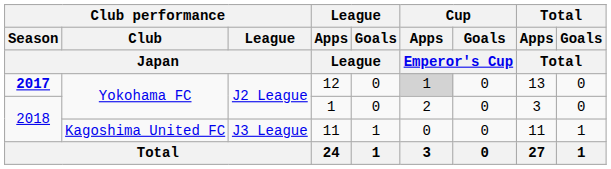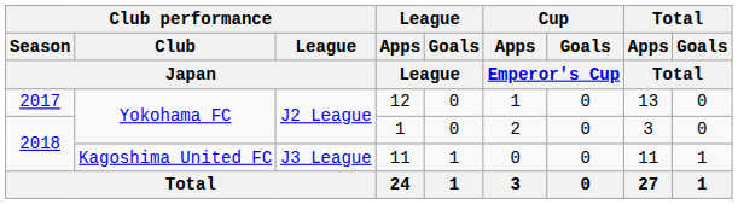 <table class="wikitable" style="text-align:center;">
 <tr>
 <th colspan=3>Club performance</th>
 <th colspan=2>League</th>
 <th colspan=2>Cup</th>
 <th colspan=2>Total</th>
 </tr>
 <tr>
 <th>Season</th>
 <th>Club</th>
 <th>League</th>
 <th>Apps</th>
 <th>Goals</th>
 <th>Apps</th>
 <th>Goals</th>
 <th>Apps</th>
 <th>Goals</th>
 </tr>
 <tr>
 <th colspan=3>Japan</th>
 <th colspan=2>League</th>
 <th colspan=2><a href='#'>Emperor's Cup</a></th>
 <th colspan=2>Total</th>
 </tr>
 <tr>
-<td><strong><a href='#'>2017</a></strong></td>
+<td><a href='#'>2017</a></td>
 <td rowspan="2"><a href='#'>Yokohama FC</a></td>
 <td rowspan="2"><a href='#'>J2 League</a></td>
 <td>12</td>
 <td>0</td>
-<td style="background: lightgrey;">1</td>
+<td>1</td>
 <td>0</td>
 <td>13</td>
 <td>0</td>
 </tr>
 <tr>
 <td rowspan="2"><a href='#'>2018</a></td>
 <td>1</td>
 <td>0</td>
 <td>2</td>
 <td>0</td>
 <td>3</td>
 <td>0</td>
 </tr>
 <tr>
 <td><a href='#'>Kagoshima United FC</a></td>
 <td><a href='#'>J3 League</a></td>
 <td>11</td>
 <td>1</td>
 <td>0</td>
 <td>0</td>
 <td>11</td>
 <td>1</td>
 </tr>
 <tr>
 <th colspan=3>Total</th>
 <th>24</th>
 <th>1</th>
 <th>3</th>
 <th>0</th>
 <th>27</th>
 <th>1</th>
 </tr>
 </table>
